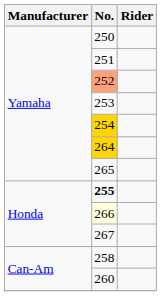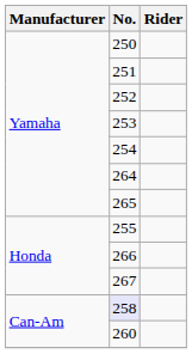 <table class="wikitable" style="font-size:85%">
 <tr>
 <th>Manufacturer</th>
 <th>No.</th>
 <th>Rider</th>
 </tr>
 <tr>
 <td rowspan=7> <a href='#'>Yamaha</a></td>
 <td>250</td>
 <td></td>
 </tr>
 <tr>
 <td>251</td>
 <td></td>
 </tr>
 <tr>
-<td style="background: lightsalmon;">252</td>
+<td>252</td>
 <td></td>
 </tr>
 <tr>
 <td>253</td>
 <td></td>
 </tr>
 <tr>
-<td style="background: gold;">254</td>
+<td>254</td>
 <td></td>
 </tr>
 <tr>
-<td style="background: gold;">264</td>
+<td>264</td>
 <td></td>
 </tr>
 <tr>
 <td>265</td>
 <td></td>
 </tr>
 <tr>
 <td rowspan=3> <a href='#'>Honda</a></td>
-<td><strong>255</strong></td>
+<td>255</td>
 <td></td>
 </tr>
 <tr>
-<td style="background: lightyellow;">266</td>
+<td>266</td>
 <td></td>
 </tr>
 <tr>
 <td>267</td>
 <td></td>
 </tr>
 <tr>
 <td rowspan=2> <a href='#'>Can-Am</a></td>
-<td>258</td>
+<td style="background: lavender;">258</td>
 <td></td>
 </tr>
 <tr>
 <td>260</td>
 <td></td>
 </tr>
 <tr>
 </tr>
 </table>
